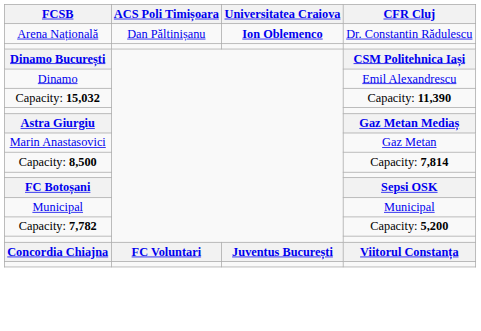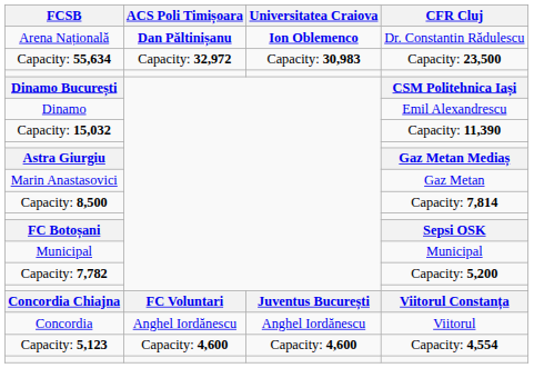 <table class="wikitable" style="text-align:center;">
 <tr>
 <th><a href='#'>FCSB</a></th>
 <th><a href='#'>ACS Poli Timișoara</a></th>
 <th><a href='#'>Universitatea Craiova</a></th>
 <th><a href='#'>CFR Cluj</a></th>
 </tr>
 <tr>
 <td><a href='#'>Arena Națională</a></td>
-<td><a href='#'>Dan Păltinișanu</a></td>
+<td><strong><a href='#'>Dan Păltinișanu</a></strong></td>
 <td><strong><a href='#'>Ion Oblemenco</a></strong></td>
 <td><a href='#'>Dr. Constantin Rădulescu</a></td>
+</tr>
+<tr>
+<td>Capacity: <strong>55,634</strong></td>
+<td>Capacity: <strong>32,972</strong></td>
+<td>Capacity: <strong>30,983</strong></td>
+<td>Capacity: <strong>23,500</strong></td>
 </tr>
 <tr>
 <td></td>
 <td></td>
 <td></td>
 <td></td>
 </tr>
 <tr>
 <th><a href='#'>Dinamo București</a></th>
 <td colspan="2" rowspan="12"><br> </td>
 <th><a href='#'>CSM Politehnica Iași</a></th>
 </tr>
 <tr>
 <td><a href='#'>Dinamo</a></td>
 <td><a href='#'>Emil Alexandrescu</a></td>
 </tr>
 <tr>
 <td>Capacity: <strong>15,032</strong></td>
 <td>Capacity: <strong>11,390</strong></td>
 </tr>
 <tr>
 <td></td>
 <td></td>
 </tr>
 <tr>
 <th><a href='#'>Astra Giurgiu</a></th>
 <th><a href='#'>Gaz Metan Mediaș</a></th>
 </tr>
 <tr>
 <td><a href='#'>Marin Anastasovici</a></td>
 <td><a href='#'>Gaz Metan</a></td>
 </tr>
 <tr>
 <td>Capacity: <strong>8,500</strong></td>
 <td>Capacity: <strong>7,814</strong></td>
 </tr>
 <tr>
 <td></td>
 <td></td>
 </tr>
 <tr>
 <th><a href='#'>FC Botoșani</a></th>
 <th><a href='#'>Sepsi OSK</a></th>
 </tr>
 <tr>
 <td><a href='#'>Municipal</a></td>
 <td><a href='#'>Municipal</a></td>
 </tr>
 <tr>
 <td>Capacity: <strong>7,782</strong></td>
 <td>Capacity: <strong>5,200</strong></td>
 </tr>
 <tr>
 <td></td>
 <td></td>
 </tr>
 <tr>
 <th><a href='#'>Concordia Chiajna</a></th>
 <th><a href='#'>FC Voluntari</a></th>
 <th><a href='#'>Juventus București</a></th>
 <th><a href='#'>Viitorul Constanța</a></th>
 </tr>
 <tr>
+<td><a href='#'>Concordia</a></td>
+<td><a href='#'>Anghel Iordănescu</a></td>
+<td><a href='#'>Anghel Iordănescu</a></td>
+<td><a href='#'>Viitorul</a></td>
+</tr>
+<tr>
+<td>Capacity: <strong>5,123</strong></td>
+<td>Capacity: <strong>4,600</strong></td>
+<td>Capacity: <strong>4,600</strong></td>
+<td>Capacity: <strong>4,554</strong></td>
+</tr>
+<tr>
 <td></td>
 <td></td>
 <td></td>
 <td></td>
 </tr>
 </table>
